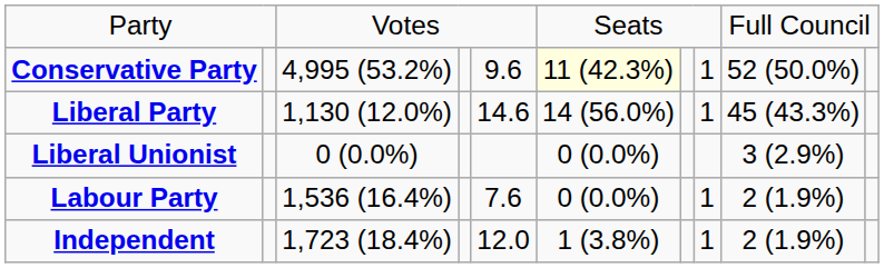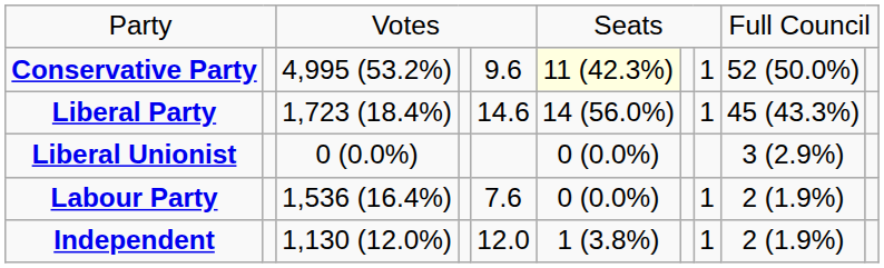 <table class=wikitable style="text-align:center;">
 <tr>
 <td colspan=2>Party</td>
 <td colspan=3>Votes</td>
 <td colspan=3>Seats</td>
 <td colspan=3>Full Council</td>
 </tr>
 <tr>
 <td><strong><a href='#'>Conservative Party</a></strong></td>
 <td style="background:"></td>
 <td>4,995 (53.2%)</td>
 <td></td>
 <td> 9.6</td>
 <td style="background: lightyellow;">11 (42.3%)</td>
 <td></td>
 <td> 1</td>
 <td>52 (50.0%)</td>
 <td></td>
 </tr>
 <tr>
 <td><strong><a href='#'>Liberal Party</a></strong></td>
 <td style="background:"></td>
-<td>1,130 (12.0%)</td>
+<td>1,723 (18.4%)</td>
 <td></td>
 <td> 14.6</td>
 <td>14 (56.0%)</td>
 <td></td>
 <td> 1</td>
 <td>45 (43.3%)</td>
 <td></td>
 </tr>
 <tr>
 <td><strong><a href='#'>Liberal Unionist</a></strong></td>
 <td style="background:"></td>
 <td>0 (0.0%)</td>
 <td></td>
 <td></td>
 <td>0 (0.0%)</td>
 <td></td>
 <td></td>
 <td>3 (2.9%)</td>
 <td></td>
 </tr>
 <tr>
 <td><strong><a href='#'>Labour Party</a></strong></td>
 <td style="background:"></td>
 <td>1,536 (16.4%)</td>
 <td></td>
 <td> 7.6</td>
 <td>0 (0.0%)</td>
 <td></td>
 <td> 1</td>
 <td>2 (1.9%)</td>
 <td></td>
 </tr>
 <tr>
 <td><strong><a href='#'>Independent</a></strong></td>
 <td style="background:"></td>
-<td>1,723 (18.4%)</td>
+<td>1,130 (12.0%)</td>
 <td></td>
 <td> 12.0</td>
 <td>1 (3.8%)</td>
 <td></td>
 <td> 1</td>
 <td>2 (1.9%)</td>
 <td></td>
 </tr>
 </table>
